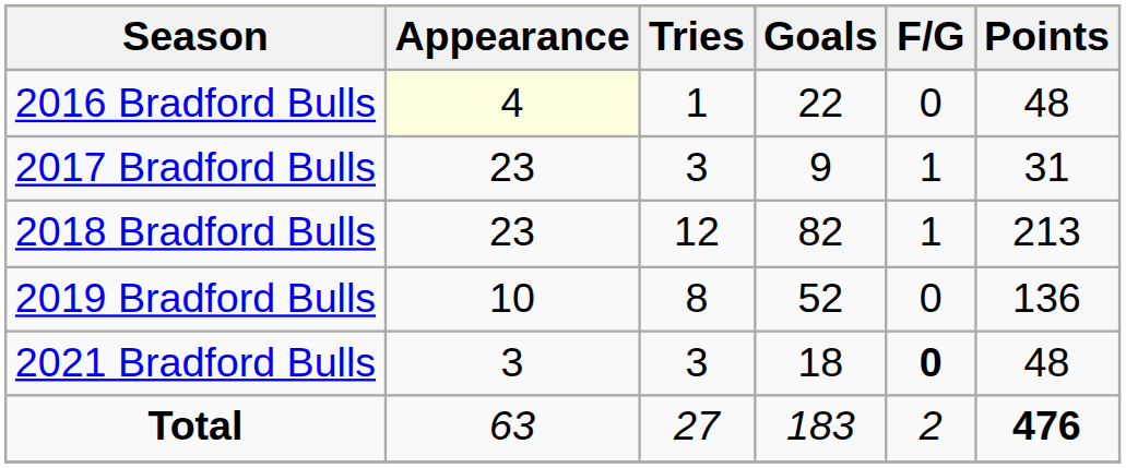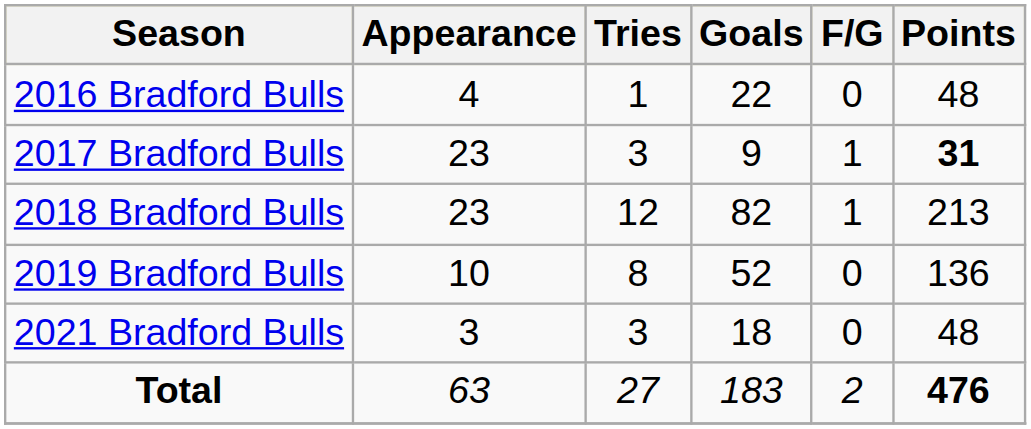 <table class="wikitable" style="text-align:center;">
 <tr bgcolor=#bdb76b>
 <th>Season</th>
 <th>Appearance</th>
 <th>Tries</th>
 <th>Goals</th>
 <th>F/G</th>
 <th>Points</th>
 </tr>
 <tr>
 <td><a href='#'>2016 Bradford Bulls</a></td>
-<td style="background: lightyellow;">4</td>
+<td>4</td>
 <td>1</td>
 <td>22</td>
 <td>0</td>
 <td>48</td>
 </tr>
 <tr>
 <td><a href='#'>2017 Bradford Bulls</a></td>
 <td>23</td>
 <td>3</td>
 <td>9</td>
 <td>1</td>
-<td>31</td>
+<td><strong>31</strong></td>
 </tr>
 <tr>
 <td><a href='#'>2018 Bradford Bulls</a></td>
 <td>23</td>
 <td>12</td>
 <td>82</td>
 <td>1</td>
 <td>213</td>
 </tr>
 <tr>
 <td><a href='#'>2019 Bradford Bulls</a></td>
 <td>10</td>
 <td>8</td>
 <td>52</td>
 <td>0</td>
 <td>136</td>
 </tr>
 <tr>
 <td><a href='#'>2021 Bradford Bulls</a></td>
 <td>3</td>
 <td>3</td>
 <td>18</td>
-<td><strong>0</strong></td>
+<td>0</td>
 <td>48</td>
 </tr>
 <tr>
 <td><strong>Total</strong></td>
 <td><em>63</em></td>
 <td><em>27</em></td>
 <td><em>183</em></td>
 <td><em>2</em></td>
 <td><strong>476</strong></td>
 </tr>
 <tr>
 </tr>
 </table>
